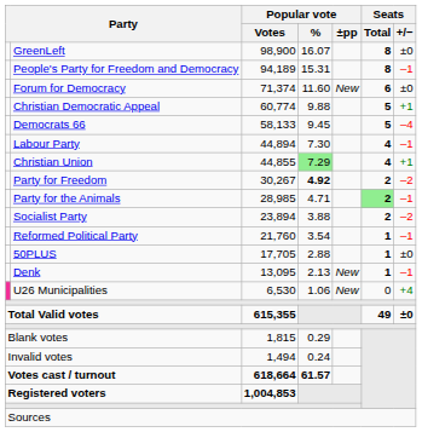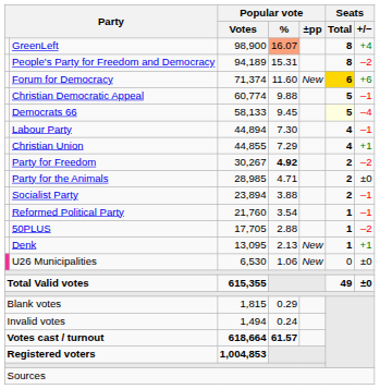 <table class="wikitable" style="text-align:right;">
 <tr>
 <th colspan=2 rowspan=2>Party</th>
 <th colspan=3>Popular vote</th>
 <th colspan=2>Seats</th>
 </tr>
 <tr>
 <th>Votes</th>
 <th>%</th>
 <th>±pp</th>
 <th>Total</th>
 <th>+/−</th>
 </tr>
 <tr>
 <td style="color:inherit;background:"></td>
 <td align="left"><a href='#'>GreenLeft</a></td>
 <td>98,900</td>
-<td>16.07</td>
+<td style="background: lightsalmon;">16.07</td>
 <td></td>
 <td><strong>8</strong></td>
-<td>±0</td>
+<td style="color:green;">+4</td>
 </tr>
 <tr>
 <td style="color:inherit;background:"></td>
 <td align="left"><a href='#'>People's Party for Freedom and Democracy</a></td>
 <td>94,189</td>
 <td>15.31</td>
 <td></td>
 <td><strong>8</strong></td>
-<td style="color:red;">–1</td>
+<td style="color:red;">–2</td>
 </tr>
 <tr>
 <td style="color:inherit;background:"></td>
 <td align="left"><a href='#'>Forum for Democracy</a></td>
 <td>71,374</td>
 <td>11.60</td>
 <td><em>New</em></td>
-<td><strong>6</strong></td>
-<td>±0</td>
+<td style="background: gold;"><strong>6</strong></td>
+<td style="color:green;">+6</td>
 </tr>
 <tr>
 <td style="color:inherit;background:"></td>
 <td align="left"><a href='#'>Christian Democratic Appeal</a></td>
 <td>60,774</td>
 <td>9.88</td>
 <td></td>
 <td><strong>5</strong></td>
-<td style="color:green;">+1</td>
+<td style="color:red;">–1</td>
 </tr>
 <tr>
 <td style="color:inherit;background:"></td>
 <td align="left"><a href='#'>Democrats 66</a></td>
 <td>58,133</td>
 <td>9.45</td>
 <td></td>
-<td><strong>5</strong></td>
+<td style="background: lightyellow;"><strong>5</strong></td>
 <td style="color:red;">–4</td>
 </tr>
 <tr>
 <td style="color:inherit;background:"></td>
 <td align="left"><a href='#'>Labour Party</a></td>
 <td>44,894</td>
 <td>7.30</td>
 <td></td>
 <td><strong>4</strong></td>
 <td style="color:red;">–1</td>
 </tr>
 <tr>
 <td style="color:inherit;background:"></td>
 <td align="left"><a href='#'>Christian Union</a></td>
 <td>44,855</td>
-<td style="background: lightgreen;">7.29</td>
+<td>7.29</td>
 <td></td>
 <td><strong>4</strong></td>
 <td style="color:green;">+1</td>
 </tr>
 <tr>
 <td style="color:inherit;background:"></td>
 <td align="left"><a href='#'>Party for Freedom</a></td>
 <td>30,267</td>
 <td><strong>4.92</strong></td>
 <td></td>
 <td><strong>2</strong></td>
 <td style="color:red;">–2</td>
 </tr>
 <tr>
 <td style="color:inherit;background:"></td>
 <td align="left"><a href='#'>Party for the Animals</a></td>
 <td>28,985</td>
 <td>4.71</td>
 <td></td>
-<td style="background: lightgreen;"><strong>2</strong></td>
-<td style="color:red;">–1</td>
+<td><strong>2</strong></td>
+<td>±0</td>
 </tr>
 <tr>
 <td style="color:inherit;background:"></td>
 <td align="left"><a href='#'>Socialist Party</a></td>
 <td>23,894</td>
 <td>3.88</td>
 <td></td>
 <td><strong>2</strong></td>
-<td style="color:red;">–2</td>
+<td style="color:red;">–1</td>
 </tr>
 <tr>
 <td style="color:inherit;background:"></td>
 <td align="left"><a href='#'>Reformed Political Party</a></td>
 <td>21,760</td>
 <td>3.54</td>
 <td></td>
 <td><strong>1</strong></td>
 <td style="color:red;">–1</td>
 </tr>
 <tr>
 <td style="color:inherit;background:"></td>
 <td align="left"><a href='#'>50PLUS</a></td>
 <td>17,705</td>
 <td>2.88</td>
 <td></td>
 <td><strong>1</strong></td>
-<td>±0</td>
+<td style="color:red;">–2</td>
 </tr>
 <tr>
 <td style="color:inherit;background:"></td>
 <td align="left"><a href='#'>Denk</a></td>
 <td>13,095</td>
 <td>2.13</td>
 <td><em>New</em></td>
 <td><strong>1</strong></td>
-<td style="color:red;">–1</td>
+<td style="color:green;">+1</td>
 </tr>
 <tr>
 <td style="color:inherit;background:#f32e97"></td>
 <td align="left">U26 Municipalities</td>
 <td>6,530</td>
 <td>1.06</td>
 <td><em>New</em></td>
 <td>0</td>
-<td style="color:green;">+4</td>
+<td>±0</td>
 </tr>
 <tr>
 <td colspan="7" style="color:inherit;background:#E9E9E9"></td>
 </tr>
 <tr style="font-weight:bold;">
 <td align="left" colspan="2">Total Valid votes</td>
 <td>615,355</td>
 <td bgcolor="#E9E9E9" colspan="2"></td>
 <td>49</td>
 <td>±0</td>
 </tr>
 <tr>
 <td colspan="7" style="color:inherit;background:#E9E9E9"></td>
 </tr>
 <tr>
 <td align="left" colspan="2">Blank votes</td>
 <td>1,815</td>
 <td>0.29</td>
 <td></td>
 <td bgcolor="#E9E9E9" colspan="2" rowspan="5"></td>
 </tr>
 <tr>
 <td align="left" colspan="2">Invalid votes</td>
 <td>1,494</td>
 <td>0.24</td>
 <td></td>
 </tr>
 <tr style="font-weight:bold;">
 <td align="left" colspan="2">Votes cast / turnout</td>
 <td>618,664</td>
 <td>61.57</td>
 <td></td>
 </tr>
 <tr style="font-weight:bold;">
 <td align="left" colspan="2">Registered voters</td>
 <td>1,004,853</td>
 <td bgcolor="#E9E9E9" colspan="2"></td>
 </tr>
 <tr>
 <td colspan="7" style="color:inherit;background:#E9E9E9"></td>
 </tr>
 <tr>
 <td align="left" colspan="7">Sources </td>
 </tr>
 </table>
